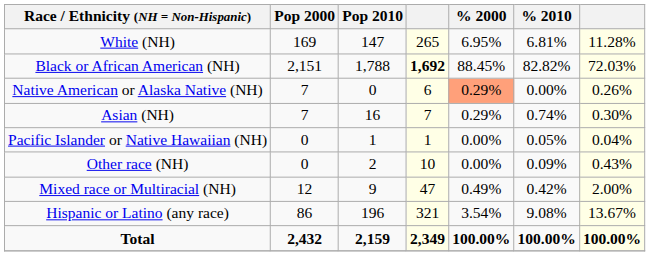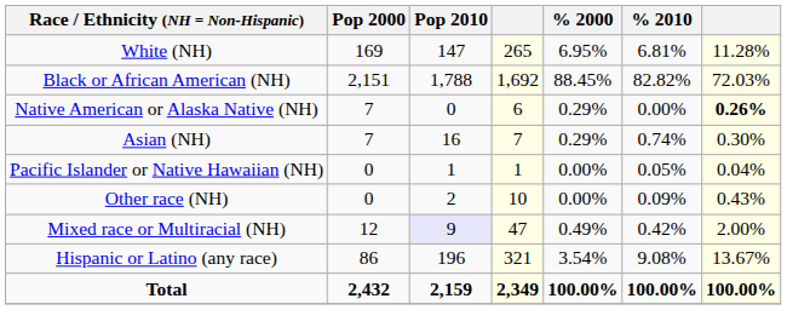 <table class="wikitable" style="text-align:center;">
 <tr>
 <th>Race / Ethnicity <small>(<em>NH = Non-Hispanic</em>)</small></th>
 <th>Pop 2000</th>
 <th>Pop 2010</th>
 <th></th>
 <th>% 2000</th>
 <th>% 2010</th>
 <th></th>
 </tr>
 <tr>
 <td><a href='#'>White</a> (NH)</td>
 <td>169</td>
 <td>147</td>
 <td style='background: #ffffe6;'>265</td>
 <td>6.95%</td>
 <td>6.81%</td>
 <td style='background: #ffffe6;'>11.28%</td>
 </tr>
 <tr>
 <td><a href='#'>Black or African American</a> (NH)</td>
 <td>2,151</td>
 <td>1,788</td>
-<td style='background: #ffffe6;'><strong>1,692</strong></td>
+<td style='background: #ffffe6;'>1,692</td>
 <td>88.45%</td>
 <td>82.82%</td>
 <td style='background: #ffffe6;'>72.03%</td>
 </tr>
 <tr>
 <td><a href='#'>Native American</a> or <a href='#'>Alaska Native</a> (NH)</td>
 <td>7</td>
 <td>0</td>
 <td style='background: #ffffe6;'>6</td>
-<td style="background: lightsalmon;">0.29%</td>
+<td>0.29%</td>
 <td>0.00%</td>
-<td style='background: #ffffe6;'>0.26%</td>
+<td style='background: #ffffe6;'><strong>0.26%</strong></td>
 </tr>
 <tr>
 <td><a href='#'>Asian</a> (NH)</td>
 <td>7</td>
 <td>16</td>
 <td style='background: #ffffe6;'>7</td>
 <td>0.29%</td>
 <td>0.74%</td>
 <td style='background: #ffffe6;'>0.30%</td>
 </tr>
 <tr>
 <td><a href='#'>Pacific Islander</a> or <a href='#'>Native Hawaiian</a> (NH)</td>
 <td>0</td>
 <td>1</td>
 <td style='background: #ffffe6;'>1</td>
 <td>0.00%</td>
 <td>0.05%</td>
 <td style='background: #ffffe6;'>0.04%</td>
 </tr>
 <tr>
 <td><a href='#'>Other race</a> (NH)</td>
 <td>0</td>
 <td>2</td>
 <td style='background: #ffffe6;'>10</td>
 <td>0.00%</td>
 <td>0.09%</td>
 <td style='background: #ffffe6;'>0.43%</td>
 </tr>
 <tr>
 <td><a href='#'>Mixed race or Multiracial</a> (NH)</td>
 <td>12</td>
-<td>9</td>
+<td style="background: lavender;">9</td>
 <td style='background: #ffffe6;'>47</td>
 <td>0.49%</td>
 <td>0.42%</td>
 <td style='background: #ffffe6;'>2.00%</td>
 </tr>
 <tr>
 <td><a href='#'>Hispanic or Latino</a> (any race)</td>
 <td>86</td>
 <td>196</td>
 <td style='background: #ffffe6;'>321</td>
 <td>3.54%</td>
 <td>9.08%</td>
 <td style='background: #ffffe6;'>13.67%</td>
 </tr>
 <tr>
 <td><strong>Total</strong></td>
 <td><strong>2,432</strong></td>
 <td><strong>2,159</strong></td>
 <td style='background: #ffffe6;'><strong>2,349</strong></td>
 <td><strong>100.00%</strong></td>
 <td><strong>100.00%</strong></td>
 <td style='background: #ffffe6;'><strong>100.00%</strong></td>
 </tr>
 <tr>
 </tr>
 </table>
